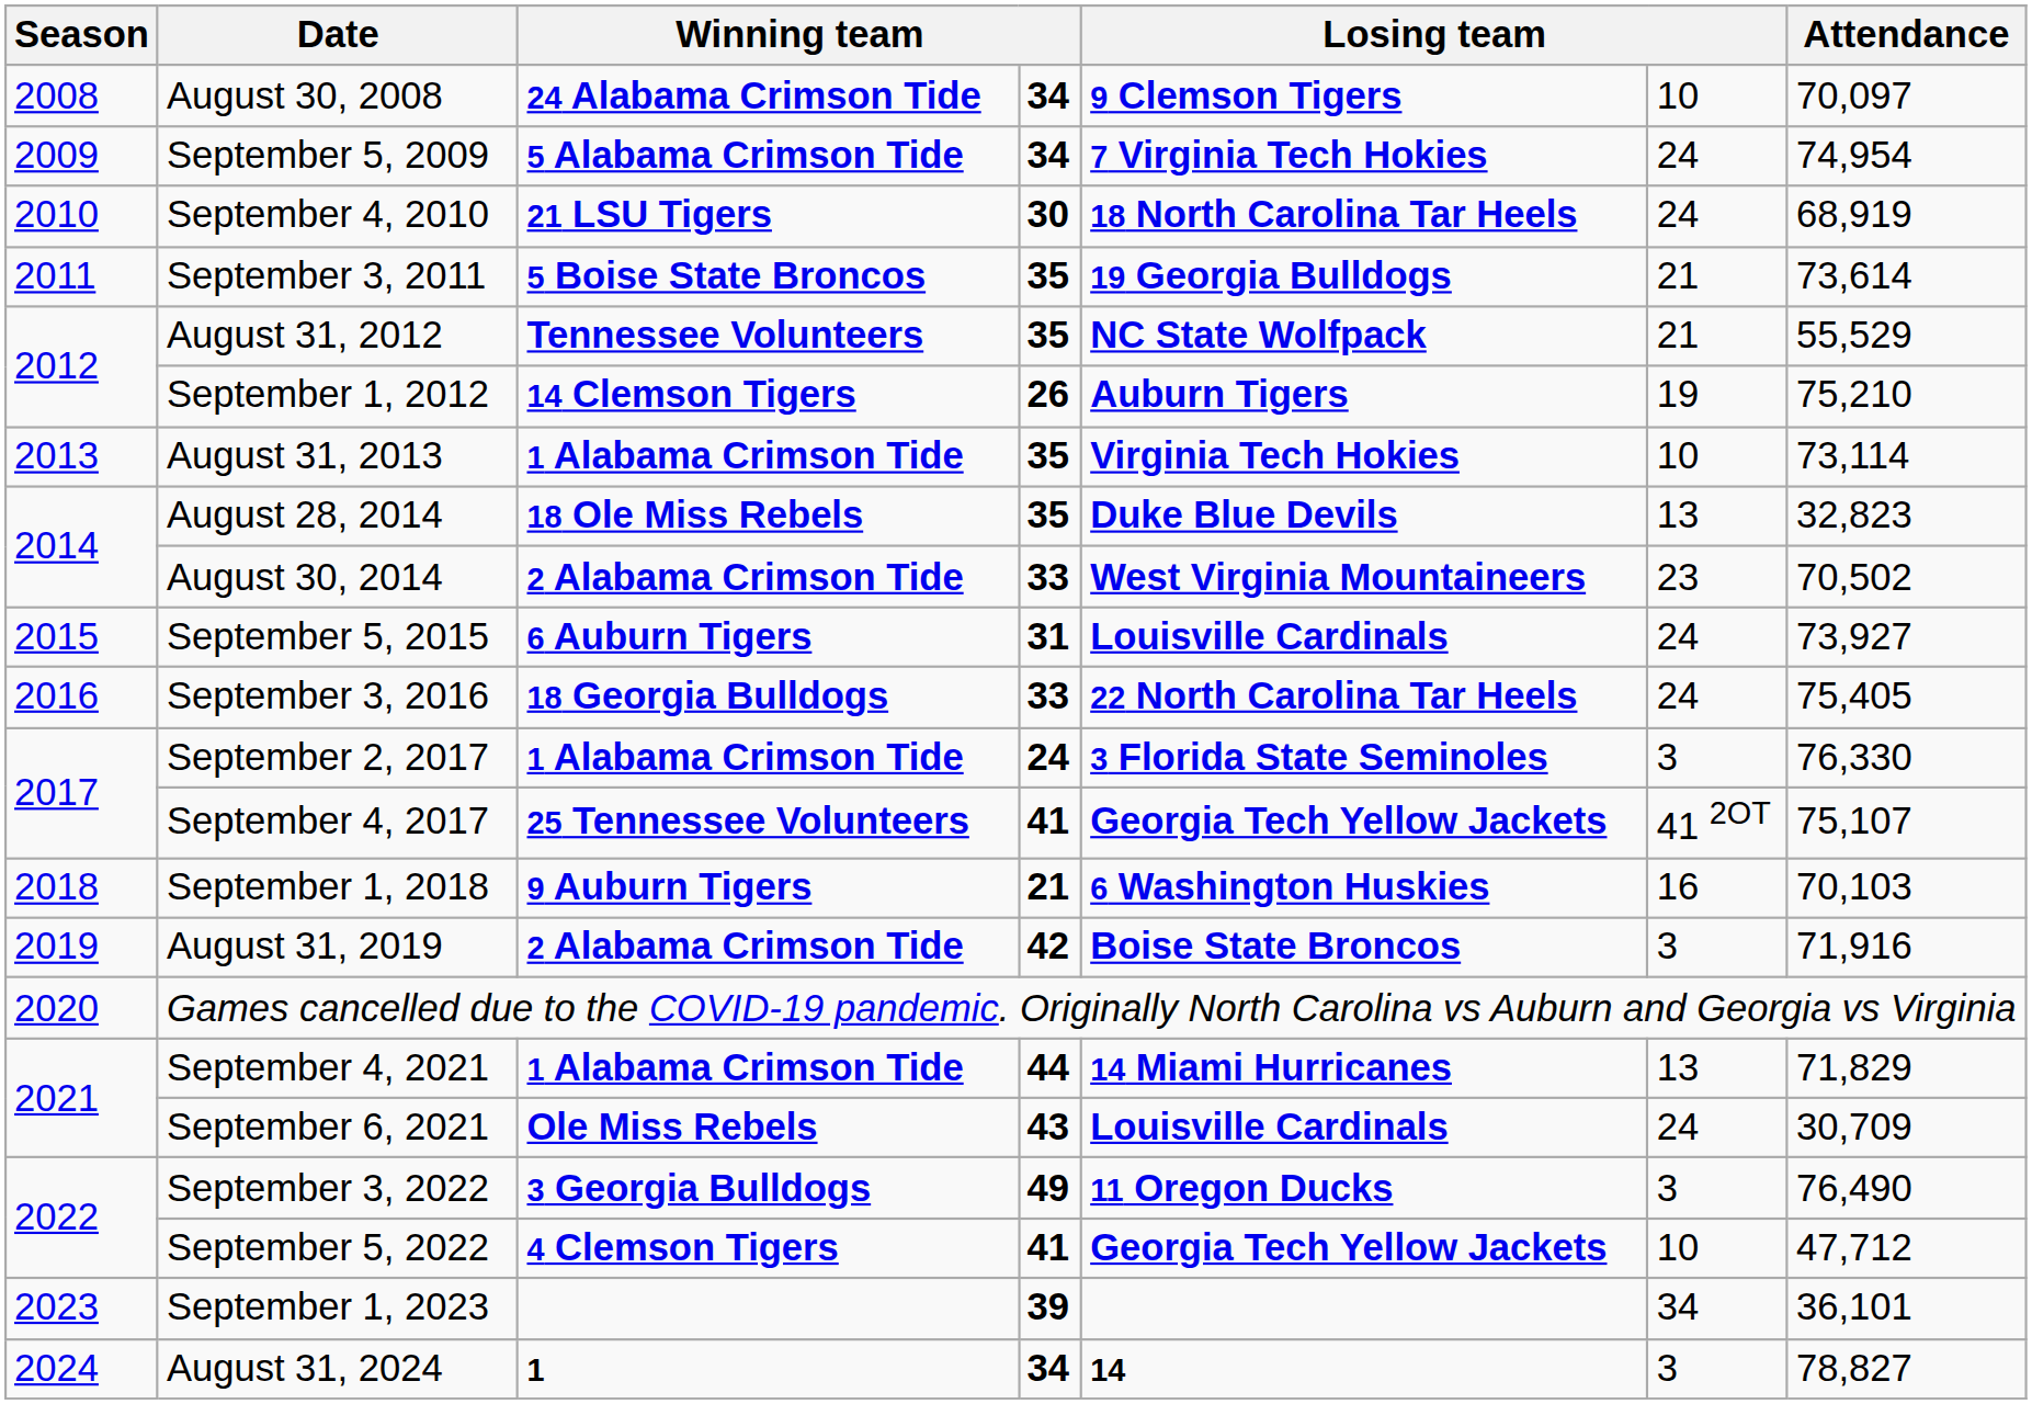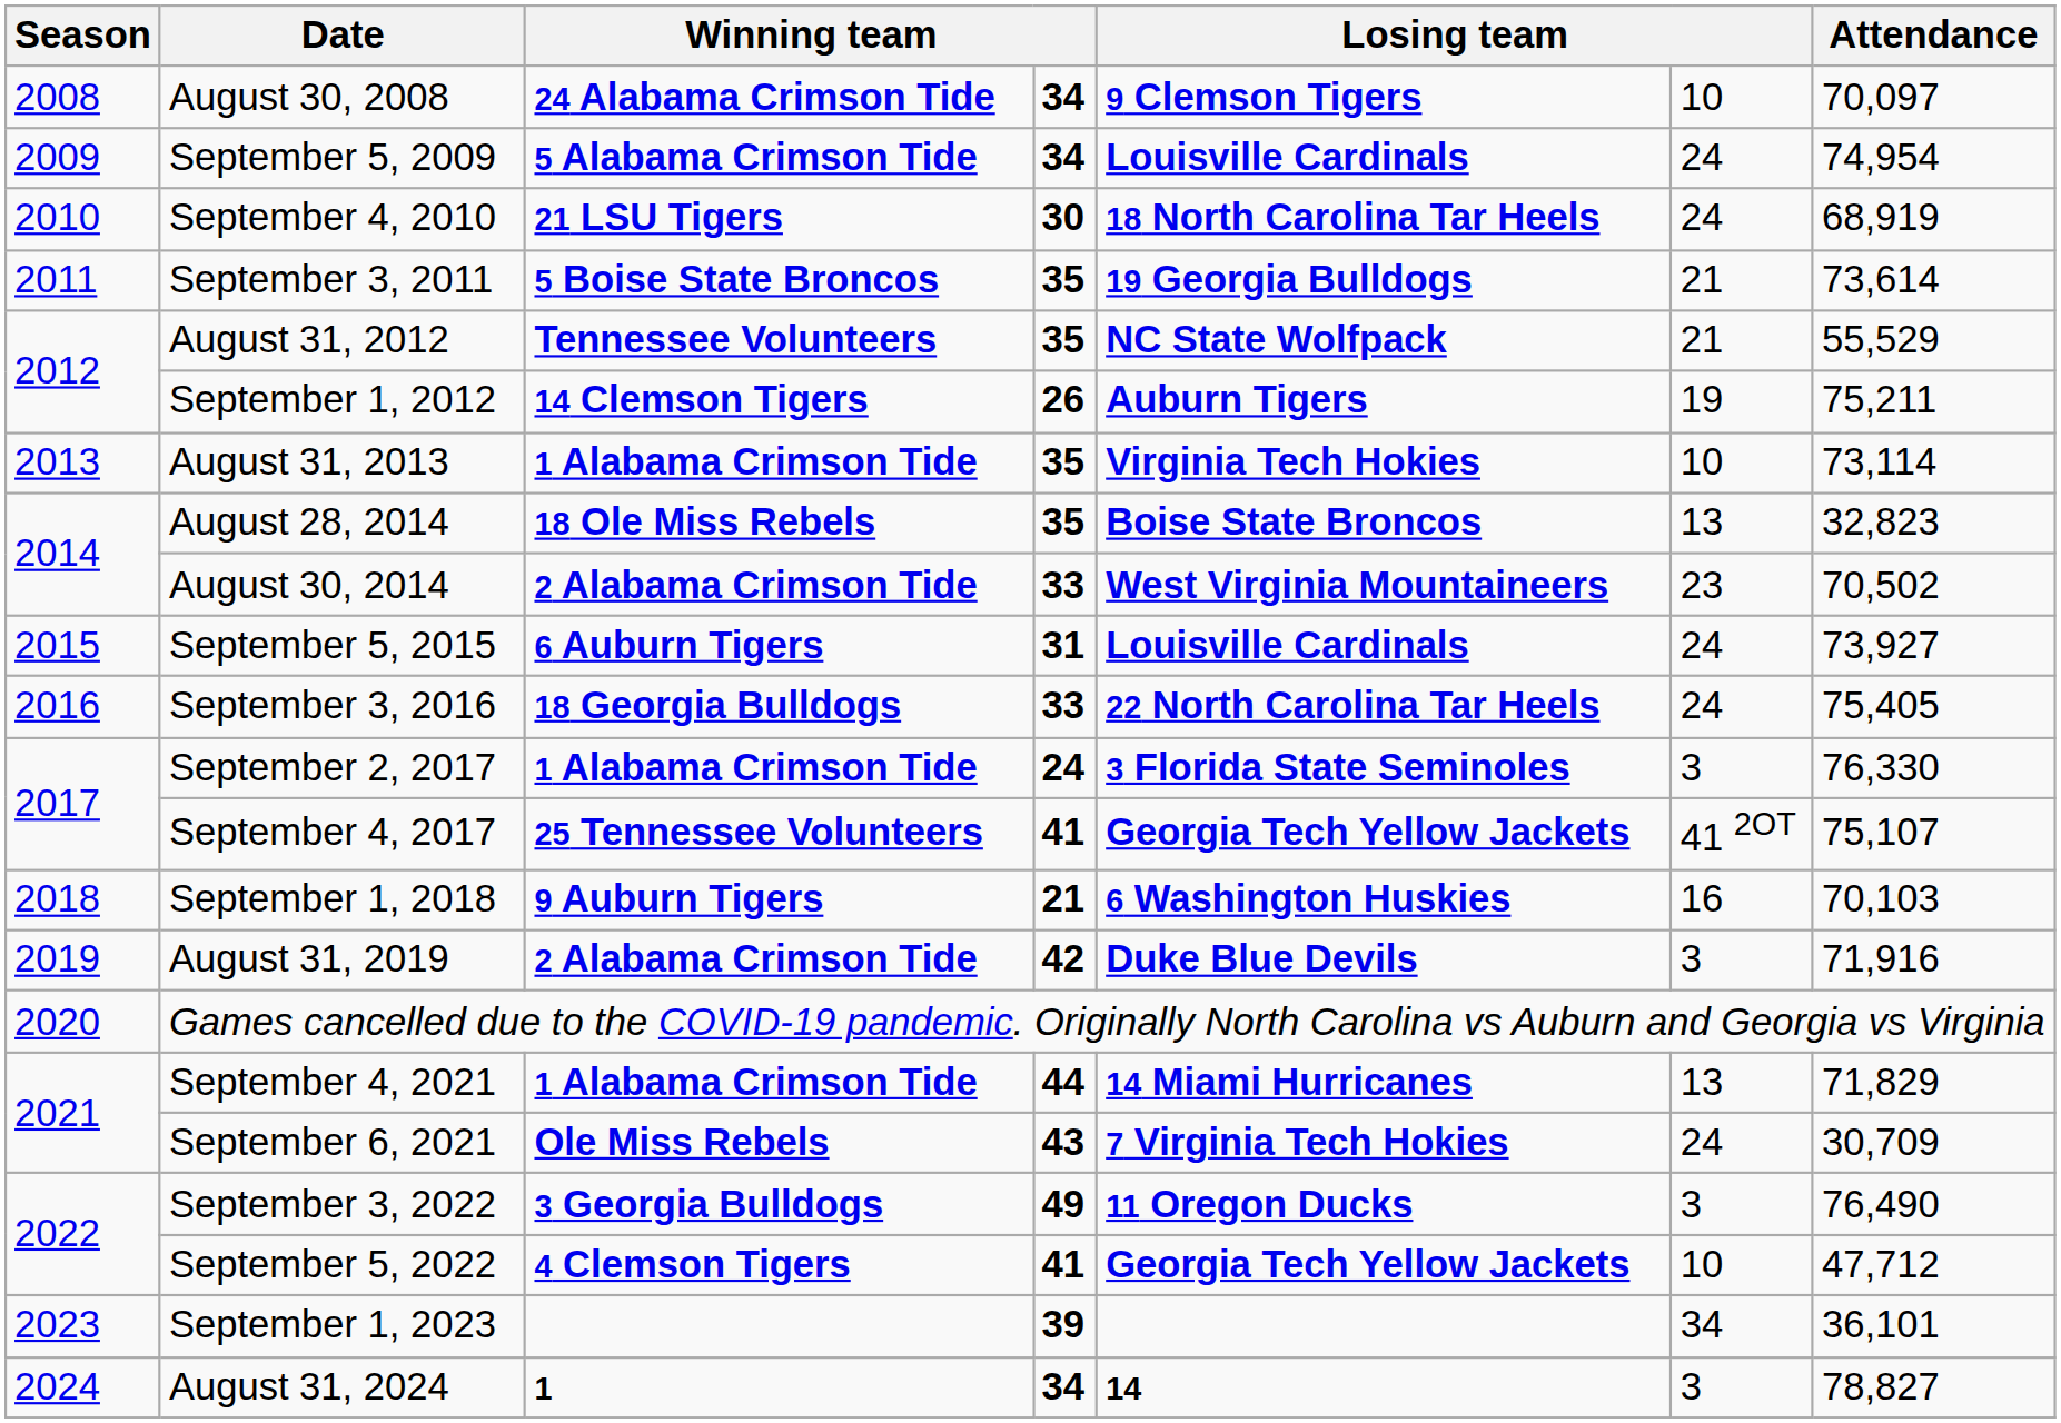 <table class="wikitable">
 <tr>
 <th>Season</th>
 <th>Date</th>
 <th colspan=2>Winning team</th>
 <th colspan=2>Losing team</th>
 <th>Attendance</th>
 </tr>
 <tr>
 <td><a href='#'>2008</a></td>
 <td>August 30, 2008</td>
 <td><strong><a href='#'><span><small>24</small> Alabama Crimson Tide</span></a></strong></td>
 <td><strong>34</strong></td>
 <td><strong><a href='#'><span><small>9</small> Clemson Tigers</span></a></strong></td>
 <td>10</td>
 <td>70,097</td>
 </tr>
 <tr>
 <td><a href='#'>2009</a></td>
 <td>September 5, 2009</td>
 <td><strong><a href='#'><span><small>5</small> Alabama Crimson Tide</span></a></strong></td>
 <td><strong>34</strong></td>
-<td><strong><a href='#'><span><small>7</small> Virginia Tech Hokies</span></a></strong></td>
+<td><strong><a href='#'><span>Louisville Cardinals</span></a></strong></td>
 <td>24</td>
 <td>74,954</td>
 </tr>
 <tr>
 <td><a href='#'>2010</a></td>
 <td>September 4, 2010</td>
 <td><strong><a href='#'><span><small>21</small> LSU Tigers</span></a></strong></td>
 <td><strong>30</strong></td>
 <td><strong><a href='#'><span><small>18</small> North Carolina Tar Heels</span></a></strong></td>
 <td>24</td>
 <td>68,919</td>
 </tr>
 <tr>
 <td><a href='#'>2011</a></td>
 <td>September 3, 2011</td>
 <td><strong><a href='#'><span><small>5</small> Boise State Broncos</span></a></strong></td>
 <td><strong>35</strong></td>
 <td><strong><a href='#'><span><small>19</small> Georgia Bulldogs</span></a></strong></td>
 <td>21</td>
 <td>73,614</td>
 </tr>
 <tr>
 <td rowspan=2><a href='#'>2012</a></td>
 <td>August 31, 2012</td>
 <td><strong><a href='#'><span>Tennessee Volunteers</span></a></strong></td>
 <td><strong>35</strong></td>
 <td><strong><a href='#'><span>NC State Wolfpack</span></a></strong></td>
 <td>21</td>
 <td>55,529</td>
 </tr>
 <tr>
 <td>September 1, 2012</td>
 <td><strong><a href='#'><span><small>14</small> Clemson Tigers</span></a></strong></td>
 <td><strong>26</strong></td>
 <td style=><strong><a href='#'><span>Auburn Tigers</span></a></strong></td>
 <td>19</td>
-<td>75,210</td>
+<td>75,211</td>
 </tr>
 <tr>
 <td><a href='#'>2013</a></td>
 <td>August 31, 2013</td>
 <td><strong><a href='#'><span><small>1</small> Alabama Crimson Tide</span></a></strong></td>
 <td><strong>35</strong></td>
 <td><strong><a href='#'><span>Virginia Tech Hokies</span></a></strong></td>
 <td>10</td>
 <td>73,114</td>
 </tr>
 <tr>
 <td rowspan=2><a href='#'>2014</a></td>
 <td>August 28, 2014</td>
 <td><strong><a href='#'><span><small>18</small> Ole Miss Rebels</span></a></strong></td>
 <td><strong>35</strong></td>
-<td><strong><a href='#'><span>Duke Blue Devils</span></a></strong></td>
+<td><strong><a href='#'><span>Boise State Broncos</span></a></strong></td>
 <td>13</td>
 <td>32,823</td>
 </tr>
 <tr>
 <td>August 30, 2014</td>
 <td><strong><a href='#'><span><small>2</small> Alabama Crimson Tide</span></a></strong></td>
 <td><strong>33</strong></td>
 <td><strong><a href='#'><span>West Virginia Mountaineers</span></a></strong></td>
 <td>23</td>
 <td>70,502</td>
 </tr>
 <tr>
 <td><a href='#'>2015</a></td>
 <td>September 5, 2015</td>
 <td><strong><a href='#'><span><small>6</small> Auburn Tigers</span></a></strong></td>
 <td><strong>31</strong></td>
 <td><strong><a href='#'><span>Louisville Cardinals</span></a></strong></td>
 <td>24</td>
 <td>73,927</td>
 </tr>
 <tr>
 <td><a href='#'>2016</a></td>
 <td>September 3, 2016</td>
 <td><strong><a href='#'><span><small>18</small> Georgia Bulldogs</span></a></strong></td>
 <td><strong>33</strong></td>
 <td><strong><a href='#'><span><small>22</small> North Carolina Tar Heels</span></a></strong></td>
 <td>24</td>
 <td>75,405</td>
 </tr>
 <tr>
 <td rowspan=2><a href='#'>2017</a></td>
 <td>September 2, 2017</td>
 <td><strong><a href='#'><span><small>1</small> Alabama Crimson Tide</span></a></strong></td>
 <td><strong>24</strong></td>
 <td><strong><a href='#'><span><small>3</small> Florida State Seminoles</span></a></strong></td>
 <td>3</td>
 <td>76,330</td>
 </tr>
 <tr>
 <td>September 4, 2017</td>
 <td><strong><a href='#'><span><small>25</small> Tennessee Volunteers</span></a></strong></td>
 <td><strong>41</strong></td>
 <td><strong><a href='#'><span>Georgia Tech Yellow Jackets</span></a></strong></td>
 <td>41 <sup>2OT</sup></td>
 <td>75,107</td>
 </tr>
 <tr>
 <td><a href='#'>2018</a></td>
 <td>September 1, 2018</td>
 <td><strong><a href='#'><span><small>9</small> Auburn Tigers</span></a></strong></td>
 <td><strong>21</strong></td>
 <td><strong><a href='#'><span><small>6</small> Washington Huskies</span></a></strong></td>
 <td>16</td>
 <td>70,103</td>
 </tr>
 <tr>
 <td><a href='#'>2019</a></td>
 <td>August 31, 2019</td>
 <td><strong><a href='#'><span><small>2</small> Alabama Crimson Tide</span></a></strong></td>
 <td><strong>42</strong></td>
-<td><strong><a href='#'><span>Boise State Broncos</span></a></strong></td>
+<td><strong><a href='#'><span>Duke Blue Devils</span></a></strong></td>
 <td>3</td>
 <td>71,916</td>
 </tr>
 <tr>
 <td><a href='#'>2020</a></td>
 <td colspan="6" style="text-align: center;"><em>Games cancelled due to the <a href='#'>COVID-19 pandemic</a>. Originally North Carolina vs Auburn and Georgia vs Virginia</em></td>
 </tr>
 <tr>
 <td rowspan=2><a href='#'>2021</a></td>
 <td>September 4, 2021</td>
 <td><strong><a href='#'><span><small>1</small> Alabama Crimson Tide</span></a> </strong></td>
 <td><strong>44</strong></td>
 <td><strong><a href='#'><span><small>14</small> Miami Hurricanes</span></a> </strong></td>
 <td>13</td>
 <td>71,829</td>
 </tr>
 <tr>
 <td>September 6, 2021</td>
 <td><strong><a href='#'><span>Ole Miss Rebels</span></a></strong></td>
 <td><strong>43</strong></td>
-<td><strong><a href='#'><span>Louisville Cardinals</span></a></strong></td>
+<td><strong><a href='#'><span><small>7</small> Virginia Tech Hokies</span></a></strong></td>
 <td>24</td>
 <td>30,709</td>
 </tr>
 <tr>
 <td rowspan=2><a href='#'>2022</a></td>
 <td>September 3, 2022</td>
 <td><strong><a href='#'><span> <small>3</small> Georgia Bulldogs</span></a></strong></td>
 <td><strong>49</strong></td>
 <td><strong><a href='#'><span> <small>11</small> Oregon Ducks</span></a></strong></td>
 <td>3</td>
 <td>76,490</td>
 </tr>
 <tr>
 <td>September 5, 2022</td>
 <td><strong><a href='#'><span><small>4</small> Clemson Tigers</span></a></strong></td>
 <td><strong>41</strong></td>
 <td><strong><a href='#'><span>Georgia Tech Yellow Jackets</span></a></strong></td>
 <td>10</td>
 <td>47,712</td>
 </tr>
 <tr>
 <td><a href='#'>2023</a></td>
 <td>September 1, 2023</td>
 <td><strong><a href='#'></a></strong></td>
 <td><strong>39</strong></td>
 <td><strong><a href='#'></a></strong></td>
 <td>34</td>
 <td>36,101</td>
 </tr>
 <tr>
 <td><a href='#'>2024</a></td>
 <td>August 31, 2024</td>
 <td><strong><small>1</small> <a href='#'></a></strong></td>
 <td><strong>34</strong></td>
 <td><strong><small>14</small> <a href='#'></a></strong></td>
 <td>3</td>
 <td>78,827</td>
 </tr>
 </table>
